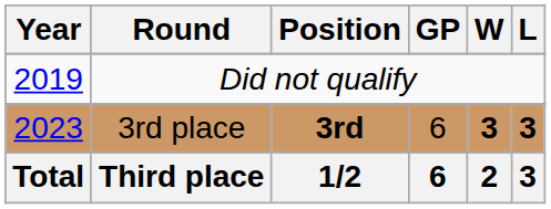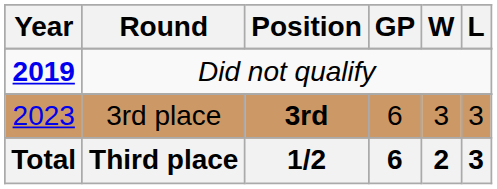 <table class="wikitable" style="text-align: center;">
 <tr>
 <th>Year</th>
 <th>Round</th>
 <th>Position</th>
 <th>GP</th>
 <th>W</th>
 <th>L</th>
 </tr>
 <tr>
 </tr>
 <tr>
-<td> <a href='#'>2019</a></td>
+<td><strong> <a href='#'>2019</a></strong></td>
 <td colspan=5><em>Did not qualify</em></td>
 </tr>
 <tr>
 </tr>
 <tr style="background:#cc9966;">
 <td> <a href='#'>2023</a></td>
 <td>3rd place</td>
 <td><strong>3rd</strong></td>
 <td>6</td>
-<td><strong>3</strong></td>
-<td><strong>3</strong></td>
+<td>3</td>
+<td>3</td>
 </tr>
 <tr>
 <th>Total</th>
 <th>Third place</th>
 <th>1/2</th>
 <th>6</th>
 <th>2</th>
 <th>3</th>
 </tr>
 </table>
